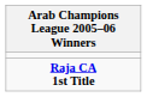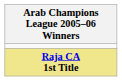 <table class="wikitable" style="text-align: center; margin: 0 auto; width: 20%">
 <tr>
 <th>Arab Champions League 2005–06<br>Winners</th>
 </tr>
 <tr>
 <td></td>
 </tr>
 <tr>
-<td><strong><a href='#'>Raja CA</a></strong><br><strong>1st Title</strong></td>
+<td style="background: khaki;"><strong><a href='#'>Raja CA</a></strong><br><strong>1st Title</strong></td>
 </tr>
 </table>
